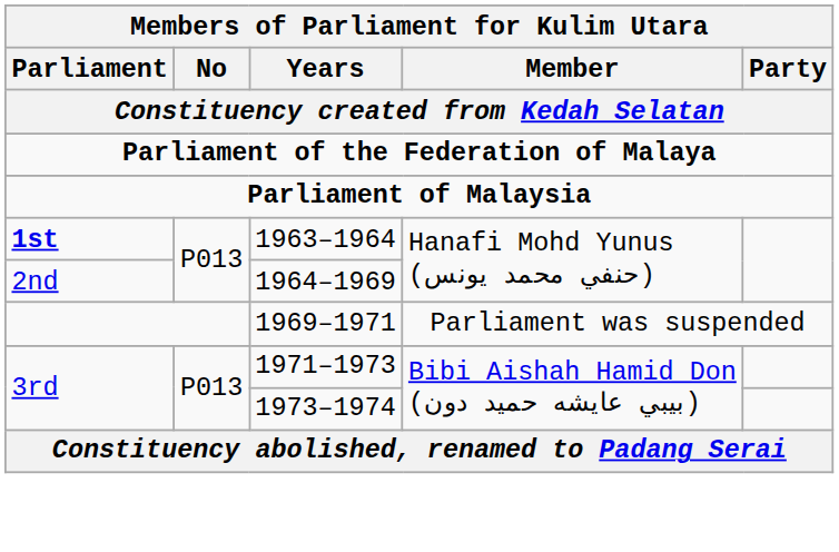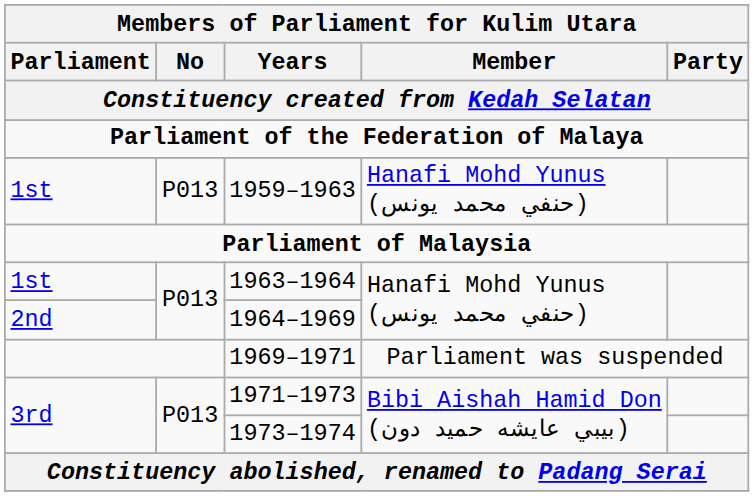 <table class=wikitable>
 <tr>
 <th colspan="5">Members of Parliament for Kulim Utara</th>
 </tr>
 <tr>
 <th>Parliament</th>
 <th>No</th>
 <th>Years</th>
 <th>Member</th>
 <th>Party</th>
 </tr>
 <tr>
 <th colspan="5" align="center"><em>Constituency created from <a href='#'>Kedah Selatan</a></em></th>
 </tr>
 <tr>
 <td colspan="5" align="center"><strong>Parliament of the Federation of Malaya</strong></td>
 </tr>
 <tr>
+<td><a href='#'>1st</a></td>
+<td>P013</td>
+<td>1959–1963</td>
+<td><a href='#'>Hanafi Mohd Yunus</a>  <br> (حنفي محمد يونس)</td>
+<td></td>
+</tr>
+<tr>
 <td colspan="5" align="center"><strong>Parliament of Malaysia</strong></td>
 </tr>
 <tr>
-<td><strong><a href='#'>1st</a></strong></td>
+<td><a href='#'>1st</a></td>
 <td rowspan="2">P013</td>
 <td>1963–1964</td>
 <td rowspan="2">Hanafi Mohd Yunus <br>  (حنفي محمد يونس)</td>
 <td rowspan=2></td>
 </tr>
 <tr>
 <td><a href='#'>2nd</a></td>
 <td>1964–1969</td>
 </tr>
 <tr>
 <td colspan="2"></td>
 <td>1969–1971</td>
 <td colspan="2" align="center">Parliament was suspended</td>
 </tr>
 <tr>
 <td rowspan=2><a href='#'>3rd</a></td>
 <td rowspan="2">P013</td>
 <td>1971–1973</td>
 <td rowspan="2"><a href='#'>Bibi Aishah Hamid Don</a> <br>  (بيبي عايشه حميد دون)</td>
 <td></td>
 </tr>
 <tr>
 <td>1973–1974</td>
 <td></td>
 </tr>
 <tr>
 <th colspan="5" align="center"><em>Constituency abolished, renamed to <a href='#'>Padang Serai</a></em></th>
 </tr>
 </table>
